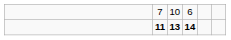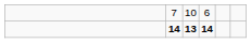 <table class="wikitable">
 <tr>
 <td style="width:15em"></td>
 <td align=center style="width:1em">7</td>
 <td align=center style="width:1em">10</td>
 <td align=center style="width:1em">6</td>
 <td align=center style="width:1em"></td>
 <td align=center style="width:1em"></td>
 </tr>
 <tr>
 <td style="width:15em"></td>
-<td align=center style="width:1em"><strong>11</strong></td>
+<td align=center style="width:1em"><strong>14</strong></td>
 <td align=center style="width:1em"><strong>13</strong></td>
 <td align=center style="width:1em"><strong>14</strong></td>
 <td align=center style="width:1em"></td>
 <td align=center style="width:1em"></td>
 </tr>
 </table>
